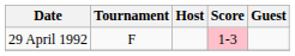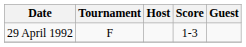 <table class="wikitable uncollapsible uncollapsed">
 <tr>
 <th>Date</th>
 <th>Tournament</th>
 <th>Host</th>
 <th>Score</th>
 <th>Guest</th>
 </tr>
 <tr>
 <td>29 April 1992</td>
 <td align="center">F</td>
 <td></td>
-<td align="center" style="background: pink;">1-3</td>
+<td align="center">1-3</td>
 <td></td>
 </tr>
 <tr>
 </tr>
 </table>
